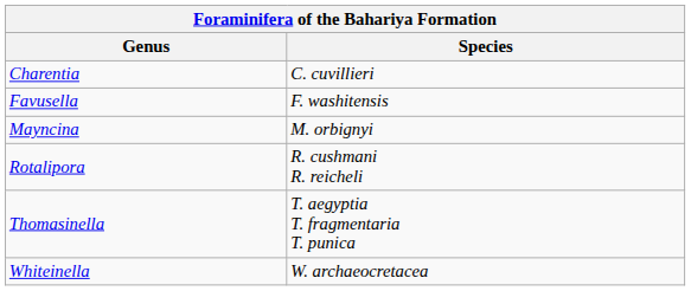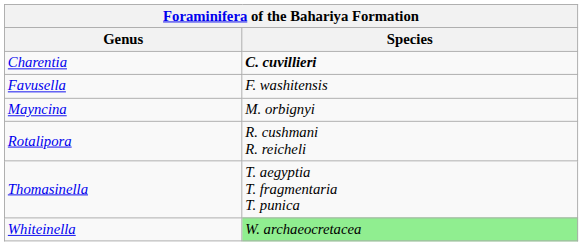 <table class="wikitable" align="center" width="100%">
 <tr>
 <th colspan="7" align="center"><strong><a href='#'>Foraminifera</a> of the Bahariya Formation</strong></th>
 </tr>
 <tr>
 <th>Genus</th>
 <th>Species</th>
 </tr>
 <tr>
 <td><em><a href='#'>Charentia</a></em></td>
-<td><em>C. cuvillieri</em></td>
+<td><strong><em>C. cuvillieri</em></strong></td>
 </tr>
 <tr>
 <td><em><a href='#'>Favusella</a></em></td>
 <td><em>F. washitensis</em></td>
 </tr>
 <tr>
 <td><em><a href='#'>Mayncina</a></em></td>
 <td><em>M. orbignyi</em></td>
 </tr>
 <tr>
 <td><em><a href='#'>Rotalipora</a></em></td>
 <td><em>R. cushmani</em><br><em>R. reicheli</em></td>
 </tr>
 <tr>
 <td><em><a href='#'>Thomasinella</a></em></td>
 <td><em>T. aegyptia</em><br><em>T. fragmentaria</em><br><em>T. punica</em></td>
 </tr>
 <tr>
 <td><em><a href='#'>Whiteinella</a></em></td>
-<td><em>W. archaeocretacea</em></td>
+<td style="background: lightgreen;"><em>W. archaeocretacea</em></td>
 </tr>
 </table>
